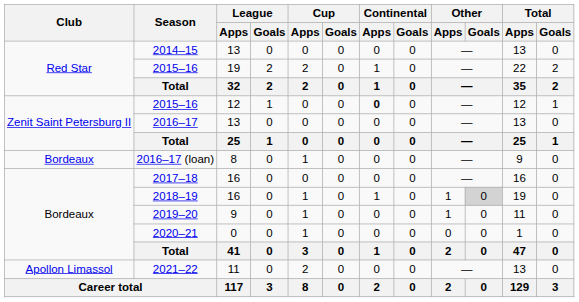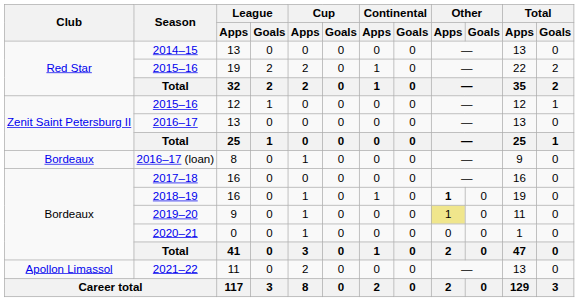 <table class="wikitable" style="text-align:center">
 <tr>
 <th rowspan="2">Club</th>
 <th rowspan="2">Season</th>
 <th colspan="2">League</th>
 <th colspan="2">Cup</th>
 <th colspan="2">Continental</th>
 <th colspan="2">Other</th>
 <th colspan="2">Total</th>
 </tr>
 <tr>
 <th>Apps</th>
 <th>Goals</th>
 <th>Apps</th>
 <th>Goals</th>
 <th>Apps</th>
 <th>Goals</th>
 <th>Apps</th>
 <th>Goals</th>
 <th>Apps</th>
 <th>Goals</th>
 </tr>
 <tr>
 <td rowspan="3"><a href='#'>Red Star</a></td>
 <td><a href='#'>2014–15</a></td>
 <td>13</td>
 <td>0</td>
 <td>0</td>
 <td>0</td>
 <td>0</td>
 <td>0</td>
 <td colspan="2">—</td>
 <td>13</td>
 <td>0</td>
 </tr>
 <tr>
 <td><a href='#'>2015–16</a></td>
 <td>19</td>
 <td>2</td>
 <td>2</td>
 <td>0</td>
 <td>1</td>
 <td>0</td>
 <td colspan="2">—</td>
 <td>22</td>
 <td>2</td>
 </tr>
 <tr>
 <th>Total</th>
 <th>32</th>
 <th>2</th>
 <th>2</th>
 <th>0</th>
 <th>1</th>
 <th>0</th>
 <th colspan="2">—</th>
 <th>35</th>
 <th>2</th>
 </tr>
 <tr>
 <td rowspan="3"><a href='#'>Zenit Saint Petersburg II</a></td>
 <td><a href='#'>2015–16</a></td>
 <td>12</td>
 <td>1</td>
 <td>0</td>
 <td>0</td>
-<td><strong>0</strong></td>
+<td>0</td>
 <td>0</td>
 <td colspan="2">—</td>
 <td>12</td>
 <td>1</td>
 </tr>
 <tr>
 <td><a href='#'>2016–17</a></td>
 <td>13</td>
 <td>0</td>
 <td>0</td>
 <td>0</td>
 <td>0</td>
 <td>0</td>
 <td colspan="2">—</td>
 <td>13</td>
 <td>0</td>
 </tr>
 <tr>
 <th>Total</th>
 <th>25</th>
 <th>1</th>
 <th>0</th>
 <th>0</th>
 <th>0</th>
 <th>0</th>
 <th colspan="2">—</th>
 <th>25</th>
 <th>1</th>
 </tr>
 <tr>
 <td><a href='#'>Bordeaux</a></td>
 <td><a href='#'>2016–17</a> (loan)</td>
 <td>8</td>
 <td>0</td>
 <td>1</td>
 <td>0</td>
 <td>0</td>
 <td>0</td>
 <td colspan="2">—</td>
 <td>9</td>
 <td>0</td>
 </tr>
 <tr>
 <td rowspan="5">Bordeaux</td>
 <td><a href='#'>2017–18</a></td>
 <td>16</td>
 <td>0</td>
 <td>0</td>
 <td>0</td>
 <td>0</td>
 <td>0</td>
 <td colspan="2">—</td>
 <td>16</td>
 <td>0</td>
 </tr>
 <tr>
 <td><a href='#'>2018–19</a></td>
 <td>16</td>
 <td>0</td>
 <td>1</td>
 <td>0</td>
 <td>1</td>
 <td>0</td>
-<td>1</td>
-<td style="background: lightgrey;">0</td>
+<td><strong>1</strong></td>
+<td>0</td>
 <td>19</td>
 <td>0</td>
 </tr>
 <tr>
 <td><a href='#'>2019–20</a></td>
 <td>9</td>
 <td>0</td>
 <td>1</td>
 <td>0</td>
 <td>0</td>
 <td>0</td>
-<td>1</td>
+<td style="background: khaki;">1</td>
 <td>0</td>
 <td>11</td>
 <td>0</td>
 </tr>
 <tr>
 <td><a href='#'>2020–21</a></td>
 <td>0</td>
 <td>0</td>
 <td>1</td>
 <td>0</td>
 <td>0</td>
 <td>0</td>
 <td>0</td>
 <td>0</td>
 <td>1</td>
 <td>0</td>
 </tr>
 <tr>
 <th>Total</th>
 <th>41</th>
 <th>0</th>
 <th>3</th>
 <th>0</th>
 <th>1</th>
 <th>0</th>
 <th>2</th>
 <th>0</th>
 <th>47</th>
 <th>0</th>
 </tr>
 <tr>
 <td><a href='#'>Apollon Limassol</a></td>
 <td><a href='#'>2021–22</a></td>
 <td>11</td>
 <td>0</td>
 <td>2</td>
 <td>0</td>
 <td>0</td>
 <td>0</td>
 <td colspan="2">—</td>
 <td>13</td>
 <td>0</td>
 </tr>
 <tr>
 <th colspan="2">Career total</th>
 <th>117</th>
 <th>3</th>
 <th>8</th>
 <th>0</th>
 <th>2</th>
 <th>0</th>
 <th>2</th>
 <th>0</th>
 <th>129</th>
 <th>3</th>
 </tr>
 </table>
